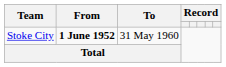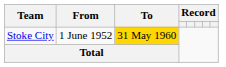 <table class="wikitable" style="text-align:center">
 <tr>
 <th rowspan="2">Team</th>
 <th rowspan="2">From</th>
 <th rowspan="2">To</th>
 <th colspan="5">Record</th>
 </tr>
 <tr>
 <th></th>
 <th></th>
 <th></th>
 <th></th>
 <th></th>
 </tr>
 <tr>
 <td align=left><a href='#'>Stoke City</a></td>
-<td align=left><strong>1 June 1952</strong></td>
-<td align=left>31 May 1960<br></td>
+<td align=left>1 June 1952</td>
+<td align=left style="background: gold;">31 May 1960<br></td>
 </tr>
 <tr>
 <th colspan="3">Total<br></th>
 </tr>
 </table>
